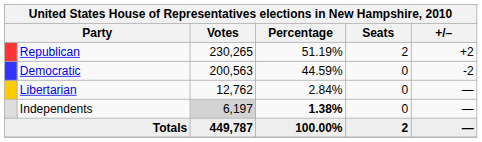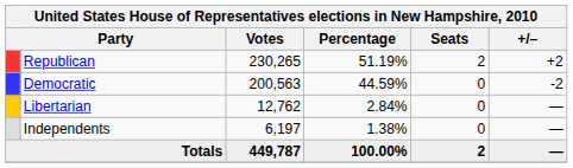 <table class="wikitable" style="font-size: 95%;">
 <tr>
 <th colspan="6">United States House of Representatives elections in New Hampshire, 2010</th>
 </tr>
 <tr>
 <th colspan=2 style="width: 15em">Party</th>
 <th style="width: 5em">Votes</th>
 <th style="width: 7em">Percentage</th>
 <th style="width: 5em">Seats</th>
 <th style="width: 5em">+/–</th>
 </tr>
 <tr>
 <th style="background-color:#FF3333; width: 3px"></th>
 <td style="width: 130px"><a href='#'>Republican</a></td>
 <td align="right">230,265</td>
 <td align="right">51.19%</td>
 <td align="right">2</td>
 <td align="right">+2</td>
 </tr>
 <tr>
 <th style="background-color:#3333FF; width: 3px"></th>
 <td style="width: 130px"><a href='#'>Democratic</a></td>
 <td align="right">200,563</td>
 <td align="right">44.59%</td>
 <td align="right">0</td>
 <td align="right">-2</td>
 </tr>
 <tr>
 <th style="background-color:#FFCC00; width: 3px"></th>
 <td style="width: 130px"><a href='#'>Libertarian</a></td>
 <td align="right">12,762</td>
 <td align="right">2.84%</td>
 <td align="right">0</td>
 <td align="right">—</td>
 </tr>
 <tr>
 <th style="background-color:#DDDDDD; width: 3px"></th>
 <td style="width: 130px">Independents</td>
-<td align="right" style="background: lightgrey;">6,197</td>
-<td align="right"><strong>1.38%</strong></td>
+<td align="right">6,197</td>
+<td align="right">1.38%</td>
 <td align="right">0</td>
 <td align="right">—</td>
 </tr>
 <tr bgcolor="#EEEEEE">
 <td colspan="2" align="right"><strong>Totals</strong></td>
 <td align="right"><strong>449,787</strong></td>
 <td align="right"><strong>100.00%</strong></td>
 <td align="right"><strong>2</strong></td>
 <td align="right"><strong>—</strong></td>
 </tr>
 <tr bgcolor="#EEEEEE">
 </tr>
 </table>
